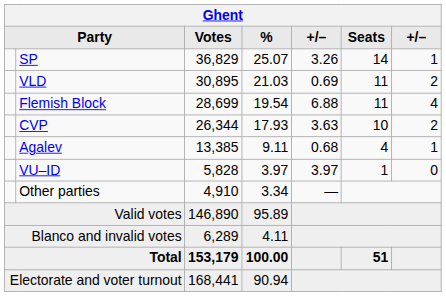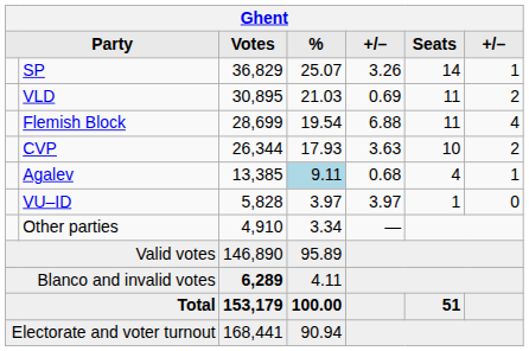 <table class="wikitable" font-size="95%">
 <tr>
 <th colspan=7><a href='#'>Ghent</a></th>
 </tr>
 <tr>
 <th style="background-color:#E9E9E9" align=left colspan=2 width=200>Party</th>
 <th style="background-color:#E9E9E9" align=right width=50>Votes</th>
 <th style="background-color:#E9E9E9" align=right width=50>%</th>
 <th style="background-color:#E9E9E9" align=right width=50>+/–</th>
 <th style="background-color:#E9E9E9" align=right width=50>Seats</th>
 <th style="background-color:#E9E9E9" align=right width=50>+/–</th>
 </tr>
 <tr align="right">
 <td></td>
 <td align=left><a href='#'>SP</a></td>
 <td>36,829</td>
 <td>25.07</td>
 <td>3.26 </td>
 <td>14</td>
 <td>1 </td>
 </tr>
 <tr align="right">
 <td></td>
 <td align=left><a href='#'>VLD</a></td>
 <td>30,895</td>
 <td>21.03</td>
 <td>0.69 </td>
 <td>11</td>
 <td>2 </td>
 </tr>
 <tr align="right">
 <td></td>
 <td align=left><a href='#'>Flemish Block</a></td>
 <td>28,699</td>
 <td>19.54</td>
 <td>6.88 </td>
 <td>11</td>
 <td>4 </td>
 </tr>
 <tr align="right">
 <td></td>
 <td align=left><a href='#'>CVP</a></td>
 <td>26,344</td>
 <td>17.93</td>
 <td>3.63 </td>
 <td>10</td>
 <td>2 </td>
 </tr>
 <tr align="right">
 <td></td>
 <td align=left><a href='#'>Agalev</a></td>
 <td>13,385</td>
-<td>9.11</td>
+<td style="background: lightblue;">9.11</td>
 <td>0.68 </td>
 <td>4</td>
 <td>1 </td>
 </tr>
 <tr align="right">
 <td></td>
 <td align=left><a href='#'>VU–ID</a></td>
 <td>5,828</td>
 <td>3.97</td>
 <td>3.97 </td>
 <td>1</td>
 <td>0 </td>
 </tr>
 <tr align="right">
 <td></td>
 <td align=left>Other parties</td>
 <td>4,910</td>
 <td>3.34</td>
 <td>—</td>
 <td colspan=2></td>
 </tr>
 <tr align="right" bgcolor=efefef>
 <td colspan=2>Valid votes</td>
 <td>146,890</td>
 <td>95.89</td>
 <td colspan=3></td>
 </tr>
 <tr align="right" bgcolor=efefef>
 <td colspan=2>Blanco and invalid votes</td>
-<td>6,289</td>
+<td><strong>6,289</strong></td>
 <td>4.11</td>
 <td colspan=3></td>
 </tr>
 <tr align="right" bgcolor=efefef>
 <td colspan=2><strong>Total</strong></td>
 <td><strong>153,179</strong></td>
 <td><strong>100.00</strong></td>
 <td></td>
 <td><strong>51</strong></td>
 <td colspan=2></td>
 </tr>
 <tr align="right" bgcolor=efefef>
 <td colspan=2>Electorate and voter turnout</td>
 <td>168,441</td>
 <td>90.94</td>
 <td colspan=3></td>
 </tr>
 </table>
